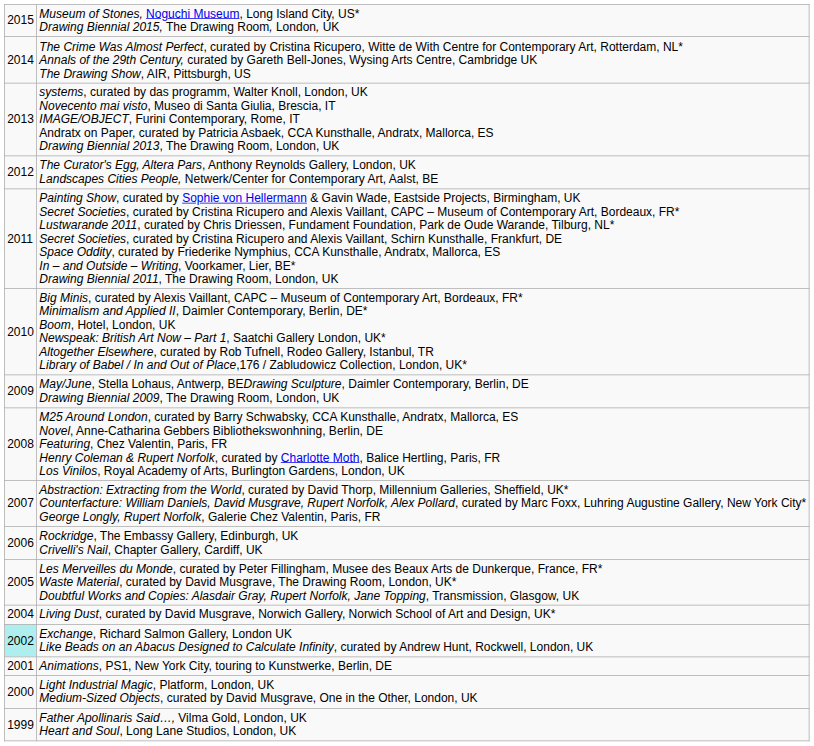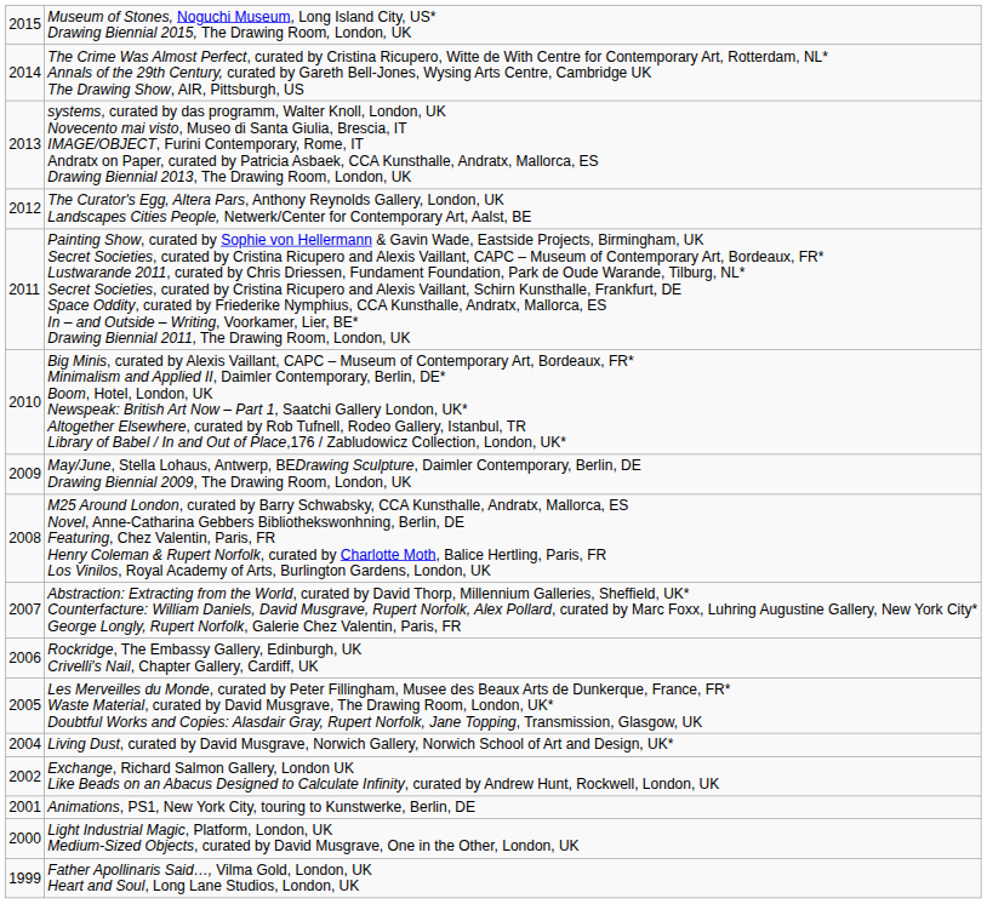 <table class="wikitable">
 <tr>
 <td>2015</td>
 <td><em>Museum of Stones,</em>  <a href='#'>Noguchi Museum</a>, Long Island City, US*<br><em>Drawing Biennial 2015,</em> The Drawing Room<em>,</em> London<em>,</em> UK</td>
 </tr>
 <tr>
 <td>2014</td>
 <td><em>The Crime Was Almost Perfect</em>, curated by Cristina Ricupero, Witte de With Centre for Contemporary Art, Rotterdam, NL*<br><em>Annals of the 29th Century,</em> curated by Gareth Bell-Jones, Wysing Arts Centre, Cambridge UK<br><em>The Drawing Show</em>, AIR, Pittsburgh, US</td>
 </tr>
 <tr>
 <td>2013</td>
 <td><em>systems</em>, curated by das programm, Walter Knoll, London, UK<br><em>Novecento mai visto</em>, Museo di Santa Giulia, Brescia, IT<br><em>IMAGE/OBJECT</em>, Furini Contemporary, Rome, IT<br>Andratx on Paper, curated by Patricia Asbaek, CCA Kunsthalle, Andratx, Mallorca, ES<br><em>Drawing Biennial 2013</em>, The Drawing Room, London, UK</td>
 </tr>
 <tr>
 <td>2012</td>
 <td><em>The Curator's Egg, Altera Pars</em>, Anthony Reynolds Gallery, London, UK<br><em>Landscapes Cities People,</em> Netwerk/Center for Contemporary Art, Aalst, BE</td>
 </tr>
 <tr>
 <td>2011</td>
 <td><em>Painting Show</em>, curated by <a href='#'>Sophie von Hellermann</a> & Gavin Wade, Eastside Projects, Birmingham, UK<br><em>Secret Societies</em>, curated by Cristina Ricupero and Alexis Vaillant, CAPC – Museum of Contemporary Art, Bordeaux, FR*<br><em>Lustwarande 2011</em>, curated by Chris Driessen, Fundament Foundation, Park de Oude Warande, Tilburg, NL*<br><em>Secret Societies</em>, curated by Cristina Ricupero and Alexis Vaillant, Schirn Kunsthalle, Frankfurt, DE<br><em>Space Oddity</em>, curated by Friederike Nymphius, CCA Kunsthalle, Andratx, Mallorca, ES<br><em>In – and Outside – Writing</em>, Voorkamer, Lier, BE*<br><em>Drawing Biennial 2011</em>, The Drawing Room, London, UK</td>
 </tr>
 <tr>
 <td>2010</td>
 <td><em>Big Minis</em>, curated by Alexis Vaillant, CAPC – Museum of Contemporary Art, Bordeaux, FR*<br><em>Minimalism and Applied II</em>, Daimler Contemporary, Berlin, DE*<br><em>Boom</em>, Hotel, London, UK<br><em>Newspeak: British Art Now – Part 1</em>, Saatchi Gallery London, UK*<br><em>Altogether Elsewhere</em>, curated by Rob Tufnell, Rodeo Gallery, Istanbul,  TR<br><em>Library of Babel / In and Out of Place</em>,176 / Zabludowicz Collection,  London, UK*</td>
 </tr>
 <tr>
 <td>2009</td>
 <td><em>May/June</em>, Stella Lohaus, Antwerp, BE<em>Drawing Sculpture</em>, Daimler Contemporary, Berlin, DE<br><em>Drawing Biennial 2009</em>, The Drawing Room, London, UK</td>
 </tr>
 <tr>
 <td>2008</td>
 <td><em>M25 Around London</em>, curated by Barry Schwabsky, CCA Kunsthalle, Andratx, Mallorca, ES<br><em>Novel</em>, Anne-Catharina Gebbers Bibliothekswonhning, Berlin, DE<br><em>Featuring</em>, Chez Valentin, Paris, FR<br><em>Henry Coleman & Rupert Norfolk</em>, curated by <a href='#'>Charlotte Moth</a>, Balice Hertling, Paris, FR<br><em>Los Vinilos</em>, Royal Academy of Arts, Burlington Gardens, London, UK</td>
 </tr>
 <tr>
 <td>2007</td>
 <td><em>Abstraction:  Extracting from the World</em>,  curated by David Thorp, Millennium Galleries, Sheffield, UK*<br><em>Counterfacture: William Daniels, David Musgrave, Rupert Norfolk, Alex  Pollard</em>, curated by Marc Foxx, Luhring Augustine Gallery, New York City*<br><em>George Longly, Rupert Norfolk</em>, Galerie Chez Valentin, Paris, FR</td>
 </tr>
 <tr>
 <td>2006</td>
 <td><em>Rockridge</em>, The Embassy Gallery, Edinburgh, UK<br><em>Crivelli's Nail</em>, Chapter Gallery, Cardiff, UK</td>
 </tr>
 <tr>
 <td>2005</td>
 <td><em>Les Merveilles du Monde</em>, curated by Peter Fillingham, Musee des Beaux Arts de Dunkerque, France, FR*<br><em>Waste Material</em>, curated by David Musgrave, The Drawing Room, London, UK*<br><em>Doubtful Works and Copies: Alasdair Gray, Rupert Norfolk, Jane Topping</em>,  Transmission, Glasgow, UK</td>
 </tr>
 <tr>
 <td>2004</td>
 <td><em>Living Dust</em>, curated by David Musgrave, Norwich Gallery, Norwich School of Art and Design, UK*</td>
 </tr>
 <tr>
-<td style="background: paleturquoise;">2002</td>
+<td>2002</td>
 <td><em>Exchange</em>, Richard Salmon Gallery, London UK<br><em>Like Beads on an Abacus Designed to Calculate Infinity</em>, curated by Andrew Hunt, Rockwell, London, UK</td>
 </tr>
 <tr>
 <td>2001</td>
 <td><em>Animations</em>, PS1, New York City, touring to Kunstwerke, Berlin, DE</td>
 </tr>
 <tr>
 <td>2000</td>
 <td><em>Light Industrial Magic</em>, Platform, London, UK<br><em>Medium-Sized Objects</em>, curated by David Musgrave, One in the Other, London, UK</td>
 </tr>
 <tr>
 <td>1999</td>
 <td><em>Father Apollinaris Said…,</em>  Vilma Gold, London, UK<br><em>Heart and Soul</em>, Long Lane Studios, London, UK</td>
 </tr>
 </table>
